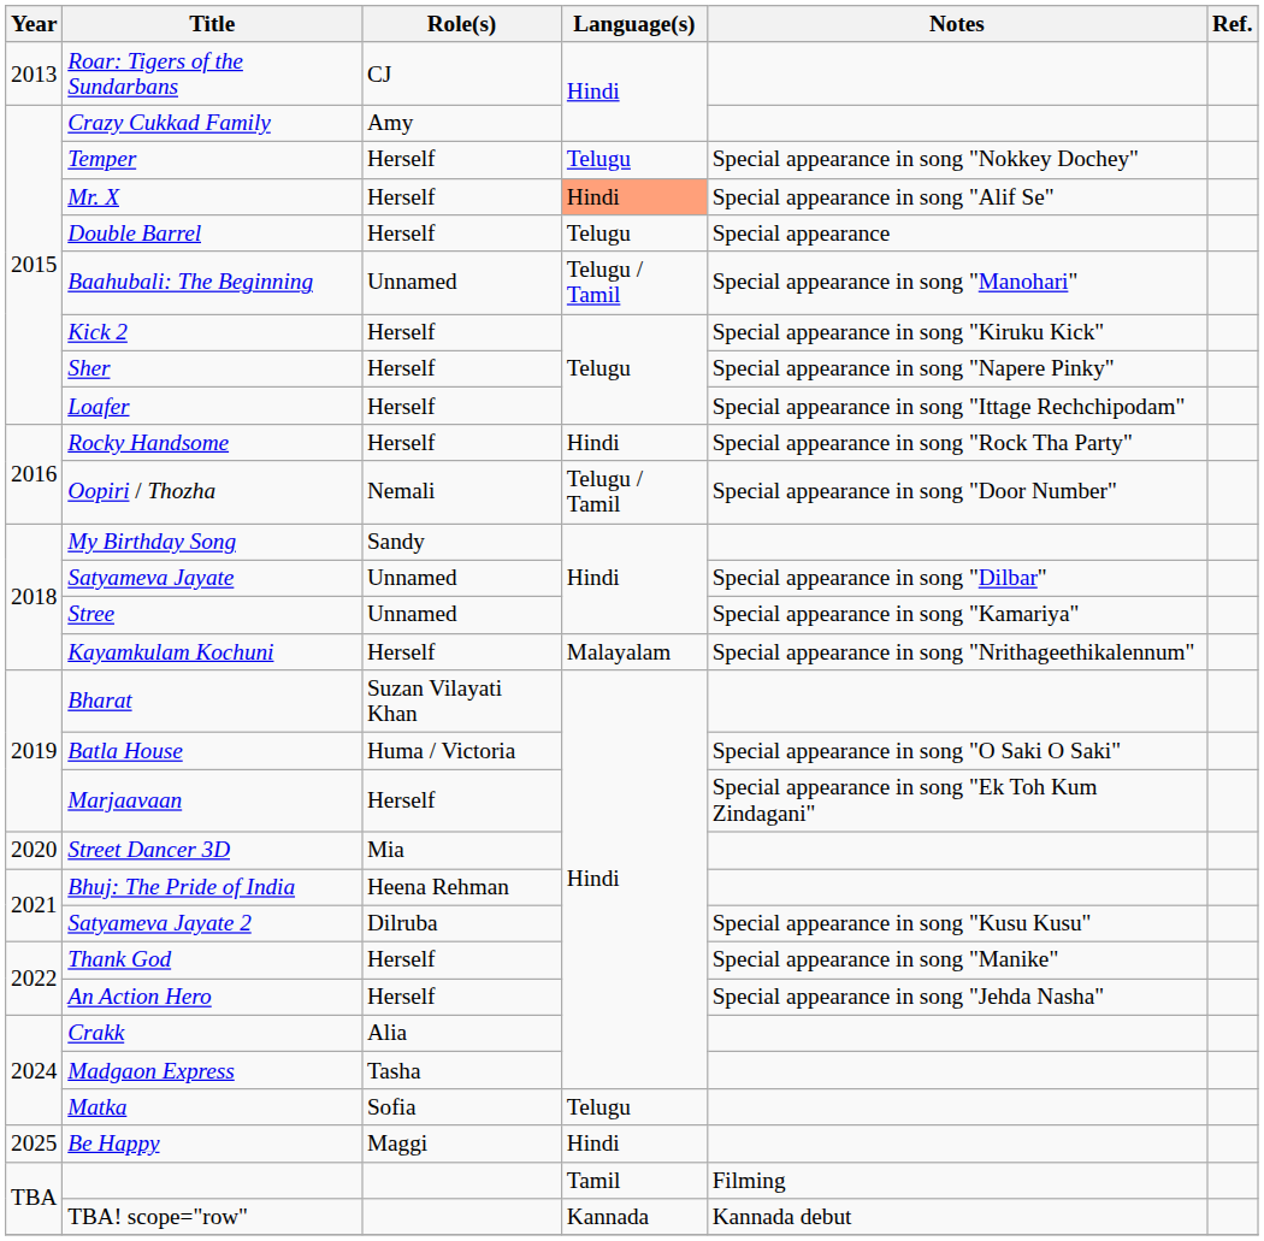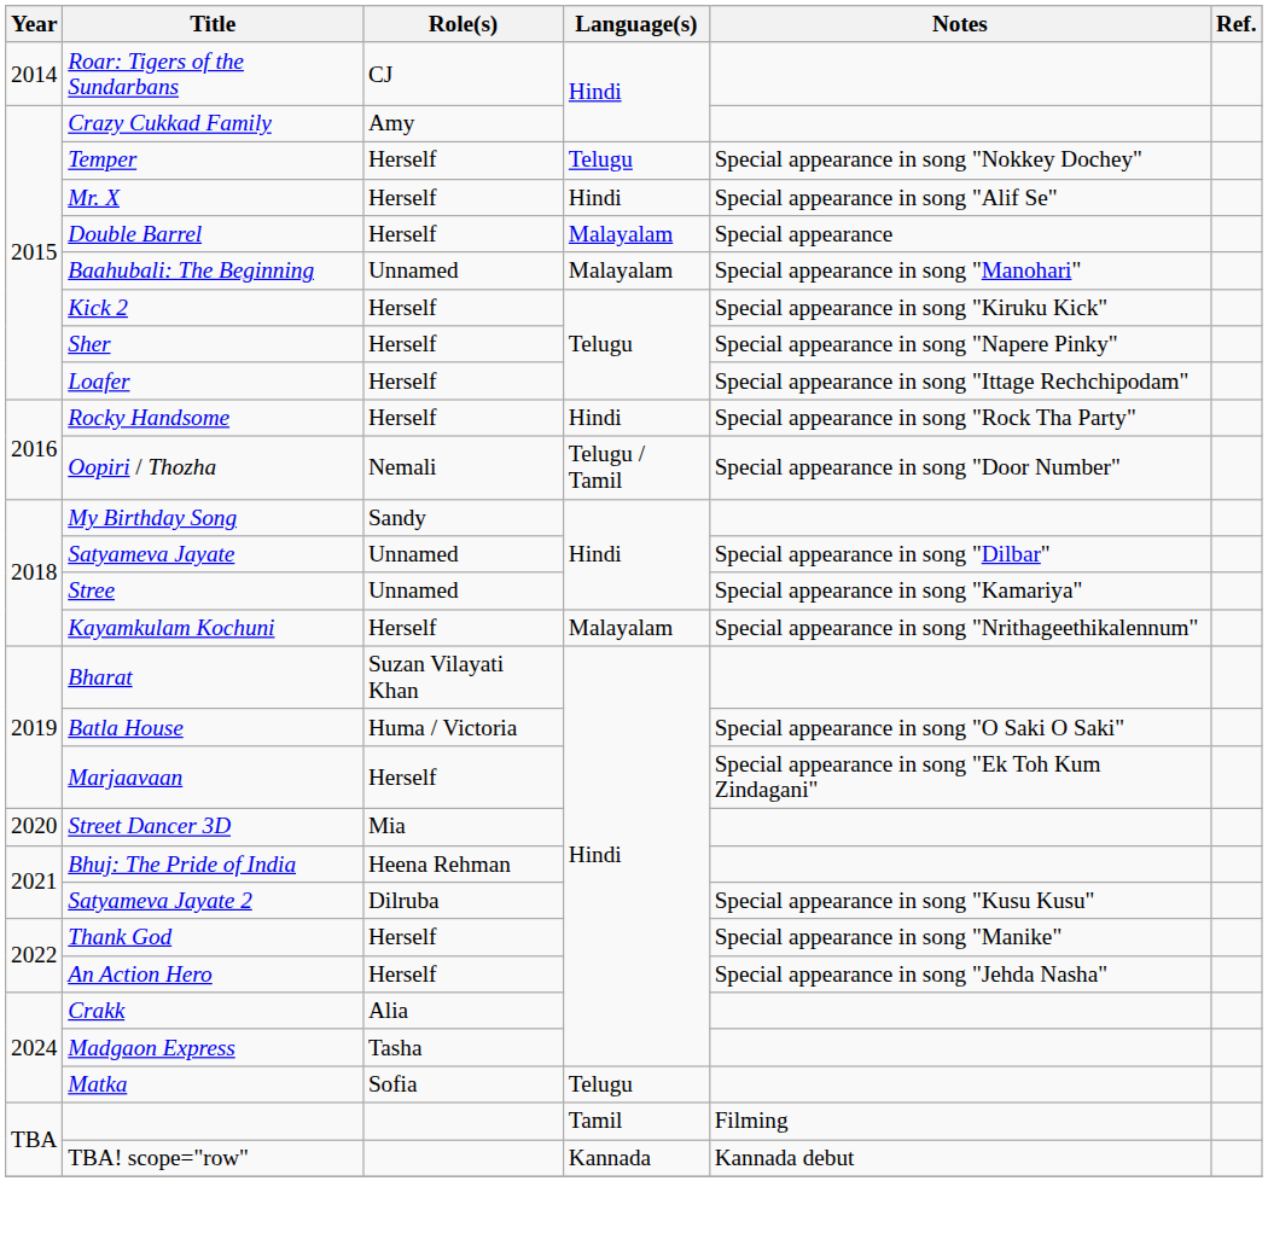 <table class="wikitable sortable">
 <tr style="background:#ccc; text-align:center;">
 <th scope="col">Year</th>
 <th scope="col">Title</th>
 <th scope="col">Role(s)</th>
 <th scope="col">Language(s)</th>
 <th scope="col" class="unsortable">Notes</th>
 <th scope="col" class="unsortable">Ref.</th>
 </tr>
 <tr>
-<td>2013</td>
+<td>2014</td>
 <td><em><a href='#'>Roar: Tigers of the Sundarbans</a></em></td>
 <td>CJ</td>
 <td rowspan="2"><a href='#'>Hindi</a></td>
 <td></td>
 <td></td>
 </tr>
 <tr>
 <td rowspan="8">2015</td>
 <td><em><a href='#'>Crazy Cukkad Family</a></em></td>
 <td>Amy</td>
 <td></td>
 <td></td>
 </tr>
 <tr>
 <td><em><a href='#'>Temper</a></em></td>
 <td>Herself</td>
 <td><a href='#'>Telugu</a></td>
 <td>Special appearance in song "Nokkey Dochey"</td>
 <td></td>
 </tr>
 <tr>
 <td><em><a href='#'>Mr. X</a></em></td>
 <td>Herself</td>
-<td style="background: lightsalmon;">Hindi</td>
+<td>Hindi</td>
 <td>Special appearance in song "Alif Se"</td>
 <td></td>
 </tr>
 <tr>
 <td><em><a href='#'>Double Barrel</a></em></td>
 <td>Herself</td>
-<td>Telugu</td>
+<td><a href='#'>Malayalam</a></td>
 <td>Special appearance</td>
 <td></td>
 </tr>
 <tr>
 <td><em><a href='#'>Baahubali: The Beginning</a></em></td>
 <td>Unnamed</td>
-<td>Telugu / <a href='#'>Tamil</a></td>
+<td>Malayalam</td>
 <td>Special appearance in song "<a href='#'>Manohari</a>"</td>
 <td></td>
 </tr>
 <tr>
 <td><em><a href='#'>Kick 2</a></em></td>
 <td>Herself</td>
 <td rowspan="3">Telugu</td>
 <td>Special appearance in song "Kiruku Kick"</td>
 <td></td>
 </tr>
 <tr>
 <td><em><a href='#'>Sher</a></em></td>
 <td>Herself</td>
 <td>Special appearance in song "Napere Pinky"</td>
 <td></td>
 </tr>
 <tr>
 <td><em><a href='#'>Loafer</a></em></td>
 <td>Herself</td>
 <td>Special appearance in song "Ittage Rechchipodam"</td>
 <td></td>
 </tr>
 <tr>
 <td rowspan="2">2016</td>
 <td><em><a href='#'>Rocky Handsome</a></em></td>
 <td>Herself</td>
 <td>Hindi</td>
 <td>Special appearance in song "Rock Tha Party"</td>
 <td></td>
 </tr>
 <tr>
 <td><em><a href='#'>Oopiri</a></em> / <em>Thozha</em></td>
 <td>Nemali</td>
 <td>Telugu / Tamil</td>
 <td>Special appearance in song "Door Number"</td>
 <td></td>
 </tr>
 <tr>
 <td rowspan="4">2018</td>
 <td><em><a href='#'>My Birthday Song</a></em></td>
 <td>Sandy</td>
 <td rowspan="3">Hindi</td>
 <td></td>
 <td></td>
 </tr>
 <tr>
 <td><em><a href='#'>Satyameva Jayate</a></em></td>
 <td>Unnamed</td>
 <td>Special appearance in song "<a href='#'>Dilbar</a>"</td>
 <td></td>
 </tr>
 <tr>
 <td><em><a href='#'>Stree</a></em></td>
 <td>Unnamed</td>
 <td>Special appearance in song "Kamariya"</td>
 <td></td>
 </tr>
 <tr>
 <td><em><a href='#'>Kayamkulam Kochuni</a></em></td>
 <td>Herself</td>
 <td>Malayalam</td>
 <td>Special appearance in song "Nrithageethikalennum"</td>
 <td></td>
 </tr>
 <tr>
 <td rowspan="3">2019</td>
 <td><em><a href='#'>Bharat</a></em></td>
 <td>Suzan Vilayati Khan</td>
 <td rowspan="10">Hindi</td>
 <td></td>
 <td></td>
 </tr>
 <tr>
 <td><em><a href='#'>Batla House</a></em></td>
 <td>Huma / Victoria</td>
 <td>Special appearance in song "O Saki O Saki"</td>
 <td></td>
 </tr>
 <tr>
 <td><em><a href='#'>Marjaavaan</a></em></td>
 <td>Herself</td>
 <td>Special appearance in song "Ek Toh Kum Zindagani"</td>
 <td></td>
 </tr>
 <tr>
 <td>2020</td>
 <td><em><a href='#'>Street Dancer 3D</a></em></td>
 <td>Mia</td>
 <td></td>
 <td></td>
 </tr>
 <tr>
 <td rowspan="2">2021</td>
 <td><em><a href='#'>Bhuj: The Pride of India</a></em></td>
 <td>Heena Rehman</td>
 <td></td>
 <td></td>
 </tr>
 <tr>
 <td><em><a href='#'>Satyameva Jayate 2</a></em></td>
 <td>Dilruba</td>
 <td>Special appearance in song "Kusu Kusu"</td>
 <td></td>
 </tr>
 <tr>
 <td rowspan="2">2022</td>
 <td><em><a href='#'>Thank God</a></em></td>
 <td>Herself</td>
 <td>Special appearance in song "Manike"</td>
 <td></td>
 </tr>
 <tr>
 <td><em><a href='#'>An Action Hero</a></em></td>
 <td>Herself</td>
 <td>Special appearance in song "Jehda Nasha"</td>
 <td></td>
 </tr>
 <tr>
 <td rowspan="3">2024</td>
 <td><em><a href='#'>Crakk</a></em></td>
 <td>Alia</td>
 <td></td>
 <td></td>
 </tr>
 <tr>
 <td><em><a href='#'>Madgaon Express</a></em></td>
 <td>Tasha</td>
 <td></td>
 <td></td>
 </tr>
 <tr>
 <td><em><a href='#'>Matka</a></em></td>
 <td>Sofia</td>
 <td>Telugu</td>
 <td></td>
 <td></td>
 </tr>
 <tr>
-<td>2025</td>
-<td><em><a href='#'>Be Happy</a></em></td>
-<td>Maggi</td>
-<td>Hindi</td>
-<td></td>
-<td></td>
-</tr>
-<tr>
 <td rowspan="2">TBA</td>
 <td></td>
 <td></td>
 <td>Tamil</td>
 <td>Filming</td>
 <td></td>
 </tr>
 <tr>
 <td>TBA! scope="row" </td>
 <td></td>
 <td>Kannada</td>
 <td>Kannada debut</td>
 <td></td>
 </tr>
 <tr>
 </tr>
 </table>
